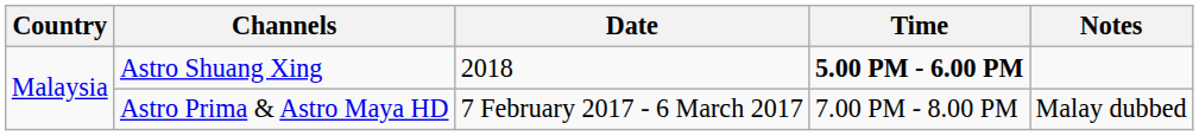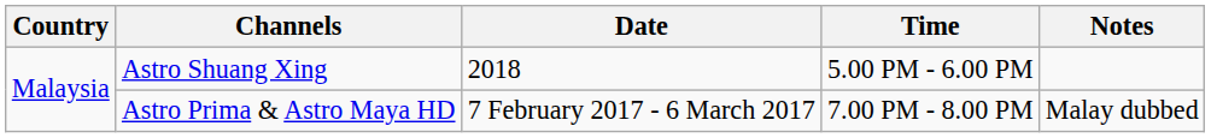 <table class="wikitable">
 <tr>
 <th>Country</th>
 <th>Channels</th>
 <th>Date</th>
 <th>Time</th>
 <th>Notes</th>
 </tr>
 <tr>
 <td rowspan="2"> <a href='#'>Malaysia</a></td>
 <td><a href='#'>Astro Shuang Xing</a></td>
 <td>2018</td>
-<td><strong>5.00 PM - 6.00 PM</strong></td>
+<td>5.00 PM - 6.00 PM</td>
 <td></td>
 </tr>
 <tr>
 <td><a href='#'>Astro Prima</a> & <a href='#'>Astro Maya HD</a></td>
 <td>7 February 2017 - 6 March 2017</td>
 <td>7.00 PM - 8.00 PM</td>
 <td>Malay dubbed</td>
 </tr>
 </table>
